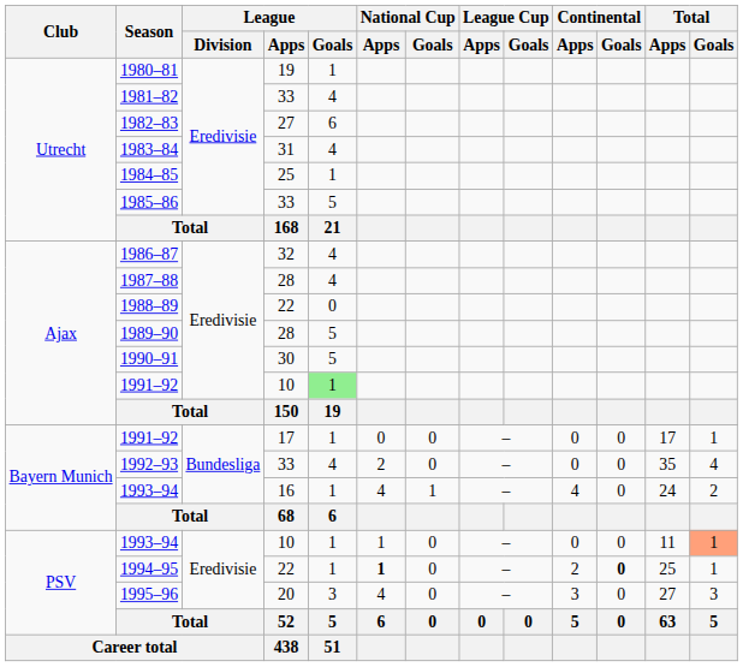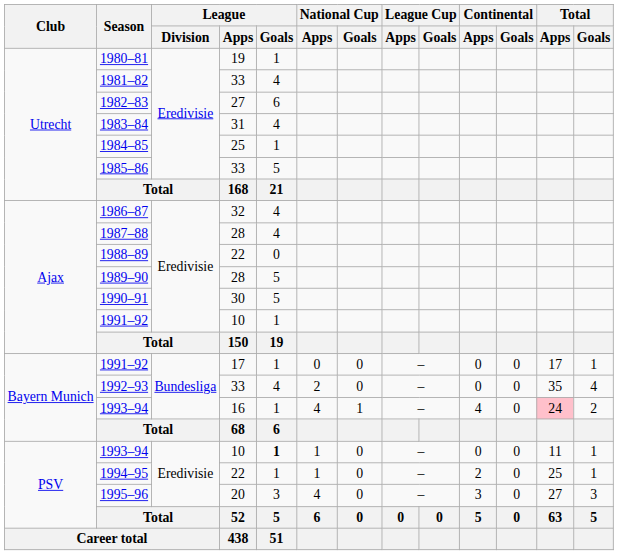 <table class="wikitable" style="text-align:center">
 <tr>
 <th rowspan="2">Club</th>
 <th rowspan="2">Season</th>
 <th colspan="3">League</th>
 <th colspan="2">National Cup</th>
 <th colspan="2">League Cup</th>
 <th colspan="2">Continental</th>
 <th colspan="2">Total</th>
 </tr>
 <tr>
 <th>Division</th>
 <th>Apps</th>
 <th>Goals</th>
 <th>Apps</th>
 <th>Goals</th>
 <th>Apps</th>
 <th>Goals</th>
 <th>Apps</th>
 <th>Goals</th>
 <th>Apps</th>
 <th>Goals</th>
 </tr>
 <tr>
 <td rowspan="7"><a href='#'>Utrecht</a></td>
 <td><a href='#'>1980–81</a></td>
 <td rowspan="6"><a href='#'>Eredivisie</a></td>
 <td>19</td>
 <td>1</td>
 <td></td>
 <td></td>
 <td></td>
 <td></td>
 <td></td>
 <td></td>
 <td></td>
 <td></td>
 </tr>
 <tr>
 <td><a href='#'>1981–82</a></td>
 <td>33</td>
 <td>4</td>
 <td></td>
 <td></td>
 <td></td>
 <td></td>
 <td></td>
 <td></td>
 <td></td>
 <td></td>
 </tr>
 <tr>
 <td><a href='#'>1982–83</a></td>
 <td>27</td>
 <td>6</td>
 <td></td>
 <td></td>
 <td></td>
 <td></td>
 <td></td>
 <td></td>
 <td></td>
 <td></td>
 </tr>
 <tr>
 <td><a href='#'>1983–84</a></td>
 <td>31</td>
 <td>4</td>
 <td></td>
 <td></td>
 <td></td>
 <td></td>
 <td></td>
 <td></td>
 <td></td>
 <td></td>
 </tr>
 <tr>
 <td><a href='#'>1984–85</a></td>
 <td>25</td>
 <td>1</td>
 <td></td>
 <td></td>
 <td></td>
 <td></td>
 <td></td>
 <td></td>
 <td></td>
 <td></td>
 </tr>
 <tr>
 <td><a href='#'>1985–86</a></td>
 <td>33</td>
 <td>5</td>
 <td></td>
 <td></td>
 <td></td>
 <td></td>
 <td></td>
 <td></td>
 <td></td>
 <td></td>
 </tr>
 <tr>
 <th colspan="2">Total</th>
 <th>168</th>
 <th>21</th>
 <th></th>
 <th></th>
 <th></th>
 <th></th>
 <th></th>
 <th></th>
 <th></th>
 <th></th>
 </tr>
 <tr>
 <td rowspan="7"><a href='#'>Ajax</a></td>
 <td><a href='#'>1986–87</a></td>
 <td rowspan="6">Eredivisie</td>
 <td>32</td>
 <td>4</td>
 <td></td>
 <td></td>
 <td></td>
 <td></td>
 <td></td>
 <td></td>
 <td></td>
 <td></td>
 </tr>
 <tr>
 <td><a href='#'>1987–88</a></td>
 <td>28</td>
 <td>4</td>
 <td></td>
 <td></td>
 <td></td>
 <td></td>
 <td></td>
 <td></td>
 <td></td>
 <td></td>
 </tr>
 <tr>
 <td><a href='#'>1988–89</a></td>
 <td>22</td>
 <td>0</td>
 <td></td>
 <td></td>
 <td></td>
 <td></td>
 <td></td>
 <td></td>
 <td></td>
 <td></td>
 </tr>
 <tr>
 <td><a href='#'>1989–90</a></td>
 <td>28</td>
 <td>5</td>
 <td></td>
 <td></td>
 <td></td>
 <td></td>
 <td></td>
 <td></td>
 <td></td>
 <td></td>
 </tr>
 <tr>
 <td><a href='#'>1990–91</a></td>
 <td>30</td>
 <td>5</td>
 <td></td>
 <td></td>
 <td></td>
 <td></td>
 <td></td>
 <td></td>
 <td></td>
 <td></td>
 </tr>
 <tr>
 <td><a href='#'>1991–92</a></td>
 <td>10</td>
-<td style="background: lightgreen;">1</td>
+<td>1</td>
 <td></td>
 <td></td>
 <td></td>
 <td></td>
 <td></td>
 <td></td>
 <td></td>
 <td></td>
 </tr>
 <tr>
 <th colspan="2">Total</th>
 <th>150</th>
 <th>19</th>
 <th></th>
 <th></th>
 <th></th>
 <th></th>
 <th></th>
 <th></th>
 <th></th>
 <th></th>
 </tr>
 <tr>
 <td rowspan="4"><a href='#'>Bayern Munich</a></td>
 <td><a href='#'>1991–92</a></td>
 <td rowspan="3"><a href='#'>Bundesliga</a></td>
 <td>17</td>
 <td>1</td>
 <td>0</td>
 <td>0</td>
 <td colspan="2">–</td>
 <td>0</td>
 <td>0</td>
 <td>17</td>
 <td>1</td>
 </tr>
 <tr>
 <td><a href='#'>1992–93</a></td>
 <td>33</td>
 <td>4</td>
 <td>2</td>
 <td>0</td>
 <td colspan="2">–</td>
 <td>0</td>
 <td>0</td>
 <td>35</td>
 <td>4</td>
 </tr>
 <tr>
 <td><a href='#'>1993–94</a></td>
 <td>16</td>
 <td>1</td>
 <td>4</td>
 <td>1</td>
 <td colspan="2">–</td>
 <td>4</td>
 <td>0</td>
-<td>24</td>
+<td style="background: pink;">24</td>
 <td>2</td>
 </tr>
 <tr>
 <th colspan="2">Total</th>
 <th>68</th>
 <th>6</th>
 <th></th>
 <th></th>
 <th></th>
 <th></th>
 <th></th>
 <th></th>
 <th></th>
 <th></th>
 </tr>
 <tr>
 <td rowspan="4"><a href='#'>PSV</a></td>
 <td><a href='#'>1993–94</a></td>
 <td rowspan="3">Eredivisie</td>
 <td>10</td>
-<td>1</td>
+<td><strong>1</strong></td>
 <td>1</td>
 <td>0</td>
 <td colspan="2">–</td>
 <td>0</td>
 <td>0</td>
 <td>11</td>
-<td style="background: lightsalmon;">1</td>
+<td>1</td>
 </tr>
 <tr>
 <td><a href='#'>1994–95</a></td>
 <td>22</td>
 <td>1</td>
-<td><strong>1</strong></td>
+<td>1</td>
 <td>0</td>
 <td colspan="2">–</td>
 <td>2</td>
-<td><strong>0</strong></td>
+<td>0</td>
 <td>25</td>
 <td>1</td>
 </tr>
 <tr>
 <td><a href='#'>1995–96</a></td>
 <td>20</td>
 <td>3</td>
 <td>4</td>
 <td>0</td>
 <td colspan="2">–</td>
 <td>3</td>
 <td>0</td>
 <td>27</td>
 <td>3</td>
 </tr>
 <tr>
 <th colspan="2">Total</th>
 <th>52</th>
 <th>5</th>
 <th>6</th>
 <th>0</th>
 <th>0</th>
 <th>0</th>
 <th>5</th>
 <th>0</th>
 <th>63</th>
 <th>5</th>
 </tr>
 <tr>
 <th colspan="3">Career total</th>
 <th>438</th>
 <th>51</th>
 <th></th>
 <th></th>
 <th></th>
 <th></th>
 <th></th>
 <th></th>
 <th></th>
 <th></th>
 </tr>
 </table>
